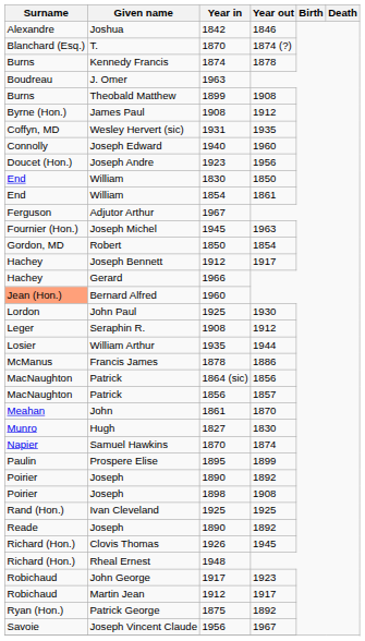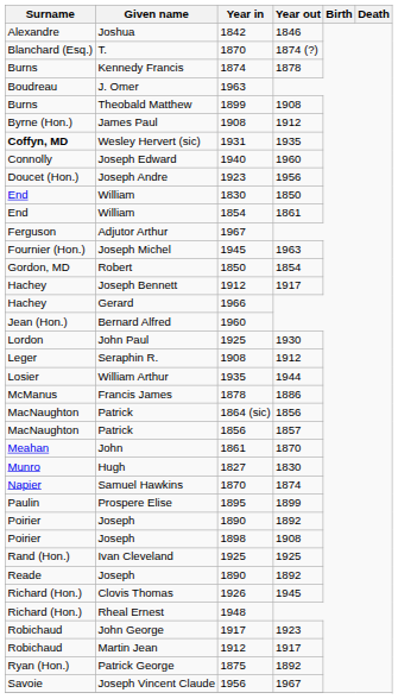 <table class="wikitable sortable">
 <tr>
 <th>Surname</th>
 <th>Given name</th>
 <th>Year in</th>
 <th>Year out</th>
 <th>Birth</th>
 <th>Death</th>
 </tr>
 <tr>
 <td>Alexandre</td>
 <td>Joshua</td>
 <td>1842</td>
 <td>1846</td>
 </tr>
 <tr>
 <td>Blanchard (Esq.)</td>
 <td>T.</td>
 <td>1870</td>
 <td>1874 (?)</td>
 </tr>
 <tr>
 <td>Burns</td>
 <td>Kennedy Francis</td>
 <td>1874</td>
 <td>1878</td>
 </tr>
 <tr>
 <td>Boudreau</td>
 <td>J. Omer</td>
 <td>1963</td>
 </tr>
 <tr>
 <td>Burns</td>
 <td>Theobald Matthew</td>
 <td>1899</td>
 <td>1908</td>
 </tr>
 <tr>
 <td>Byrne (Hon.)</td>
 <td>James Paul</td>
 <td>1908</td>
 <td>1912</td>
 </tr>
 <tr>
-<td>Coffyn, MD</td>
+<td><strong>Coffyn, MD</strong></td>
 <td>Wesley Hervert (sic)</td>
 <td>1931</td>
 <td>1935</td>
 </tr>
 <tr>
 <td>Connolly</td>
 <td>Joseph Edward</td>
 <td>1940</td>
 <td>1960</td>
 </tr>
 <tr>
 <td>Doucet (Hon.)</td>
 <td>Joseph Andre</td>
 <td>1923</td>
 <td>1956</td>
 </tr>
 <tr>
 <td><a href='#'>End</a></td>
 <td>William</td>
 <td>1830</td>
 <td>1850</td>
 </tr>
 <tr>
 <td>End</td>
 <td>William</td>
 <td>1854</td>
 <td>1861</td>
 </tr>
 <tr>
 <td>Ferguson</td>
 <td>Adjutor Arthur</td>
 <td>1967</td>
 </tr>
 <tr>
 <td>Fournier (Hon.)</td>
 <td>Joseph Michel</td>
 <td>1945</td>
 <td>1963</td>
 </tr>
 <tr>
 <td>Gordon, MD</td>
 <td>Robert</td>
 <td>1850</td>
 <td>1854</td>
 </tr>
 <tr>
 <td>Hachey</td>
 <td>Joseph Bennett</td>
 <td>1912</td>
 <td>1917</td>
 </tr>
 <tr>
 <td>Hachey</td>
 <td>Gerard</td>
 <td>1966</td>
 </tr>
 <tr>
-<td style="background: lightsalmon;">Jean (Hon.)</td>
+<td>Jean (Hon.)</td>
 <td>Bernard Alfred</td>
 <td>1960</td>
 </tr>
 <tr>
 <td>Lordon</td>
 <td>John Paul</td>
 <td>1925</td>
 <td>1930</td>
 </tr>
 <tr>
 <td>Leger</td>
 <td>Seraphin R.</td>
 <td>1908</td>
 <td>1912</td>
 </tr>
 <tr>
 <td>Losier</td>
 <td>William Arthur</td>
 <td>1935</td>
 <td>1944</td>
 </tr>
 <tr>
 <td>McManus</td>
 <td>Francis James</td>
 <td>1878</td>
 <td>1886</td>
 </tr>
 <tr>
 <td>MacNaughton</td>
 <td>Patrick</td>
 <td>1864 (sic)</td>
 <td>1856</td>
 </tr>
 <tr>
 <td>MacNaughton</td>
 <td>Patrick</td>
 <td>1856</td>
 <td>1857</td>
 </tr>
 <tr>
 <td><a href='#'>Meahan</a></td>
 <td>John</td>
 <td>1861</td>
 <td>1870</td>
 </tr>
 <tr>
 <td><a href='#'>Munro</a></td>
 <td>Hugh</td>
 <td>1827</td>
 <td>1830</td>
 </tr>
 <tr>
 <td><a href='#'>Napier</a></td>
 <td>Samuel Hawkins</td>
 <td>1870</td>
 <td>1874</td>
 </tr>
 <tr>
 <td>Paulin</td>
 <td>Prospere Elise</td>
 <td>1895</td>
 <td>1899</td>
 </tr>
 <tr>
 <td>Poirier</td>
 <td>Joseph</td>
 <td>1890</td>
 <td>1892</td>
 </tr>
 <tr>
 <td>Poirier</td>
 <td>Joseph</td>
 <td>1898</td>
 <td>1908</td>
 </tr>
 <tr>
 <td>Rand (Hon.)</td>
 <td>Ivan Cleveland</td>
 <td>1925</td>
 <td>1925</td>
 </tr>
 <tr>
 <td>Reade</td>
 <td>Joseph</td>
 <td>1890</td>
 <td>1892</td>
 </tr>
 <tr>
 <td>Richard (Hon.)</td>
 <td>Clovis Thomas</td>
 <td>1926</td>
 <td>1945</td>
 </tr>
 <tr>
 <td>Richard (Hon.)</td>
 <td>Rheal Ernest</td>
 <td>1948</td>
 </tr>
 <tr>
 <td>Robichaud</td>
 <td>John George</td>
 <td>1917</td>
 <td>1923</td>
 </tr>
 <tr>
 <td>Robichaud</td>
 <td>Martin Jean</td>
 <td>1912</td>
 <td>1917</td>
 </tr>
 <tr>
 <td>Ryan (Hon.)</td>
 <td>Patrick George</td>
 <td>1875</td>
 <td>1892</td>
 </tr>
 <tr>
 <td>Savoie</td>
 <td>Joseph Vincent Claude</td>
 <td>1956</td>
 <td>1967</td>
 </tr>
 <tr>
 </tr>
 </table>
